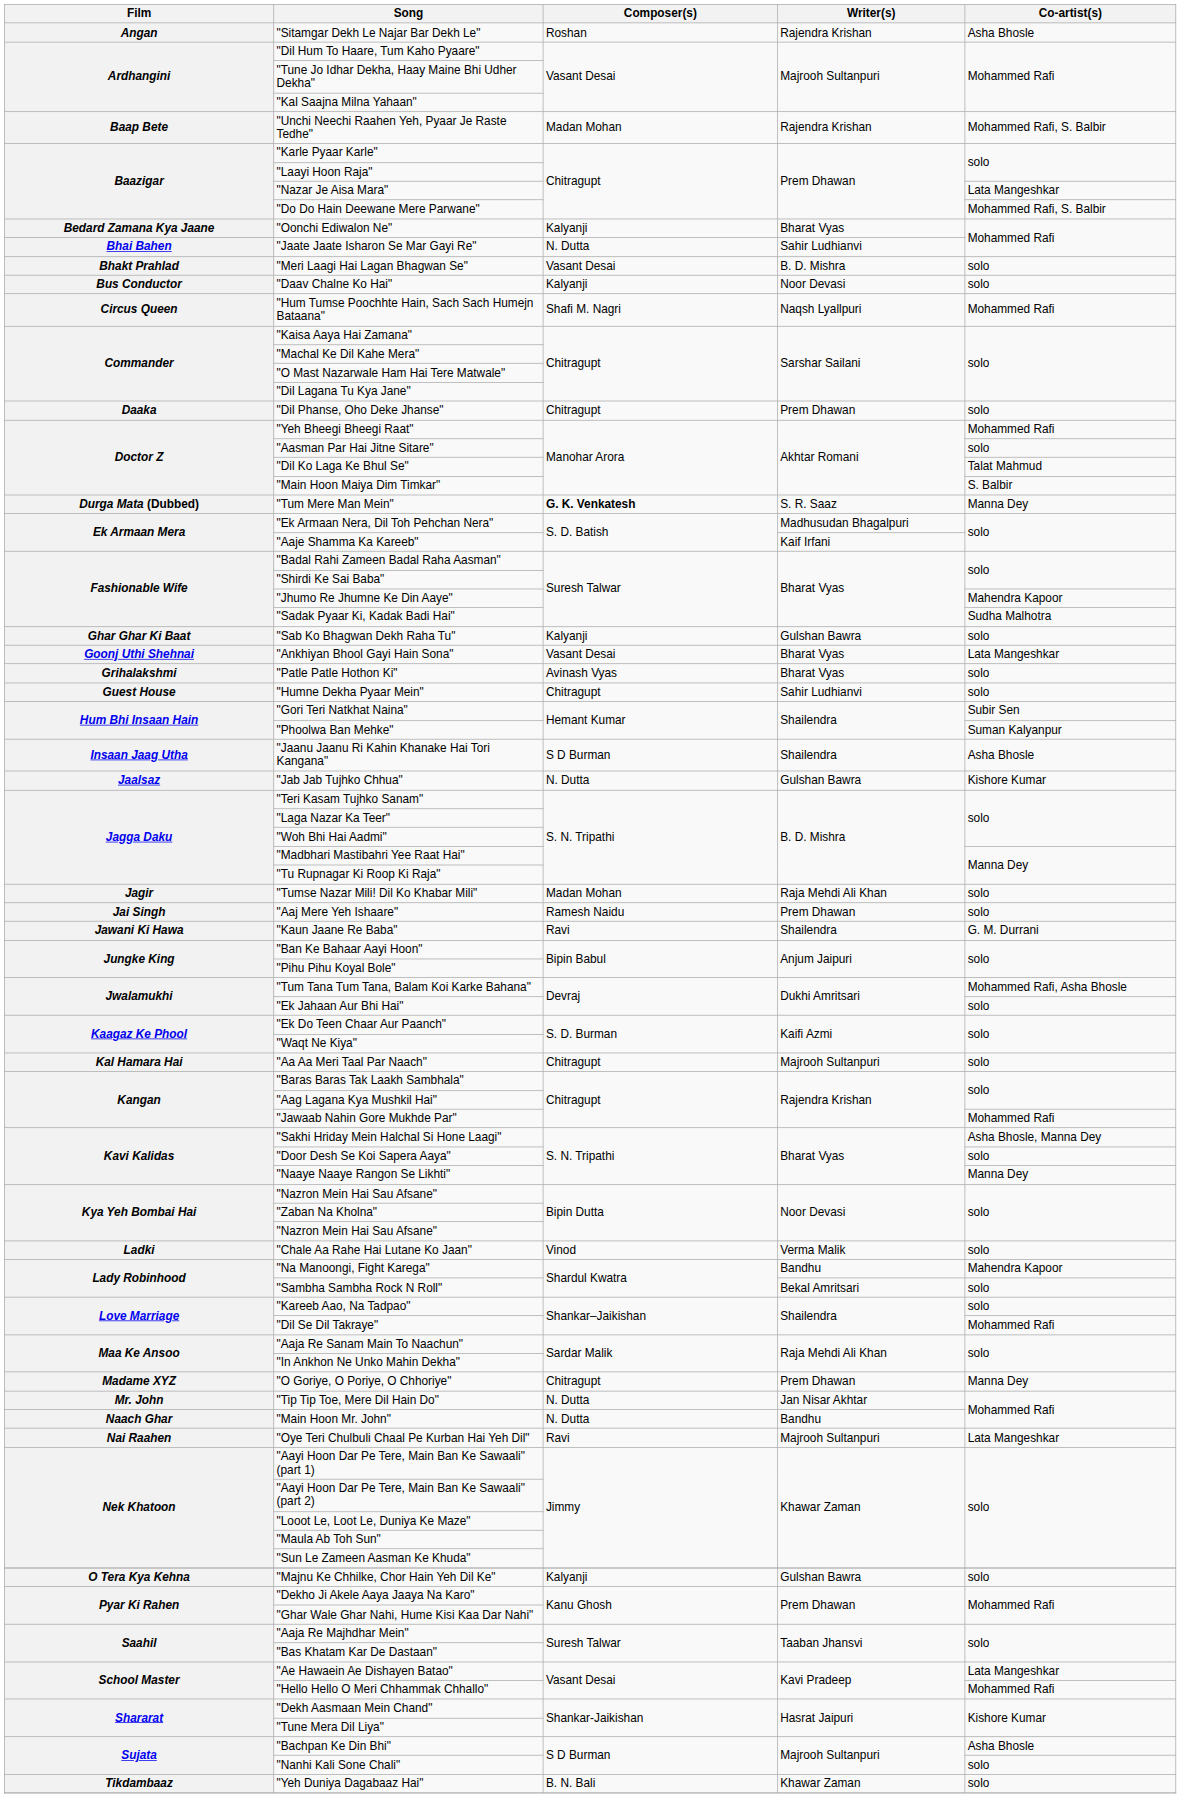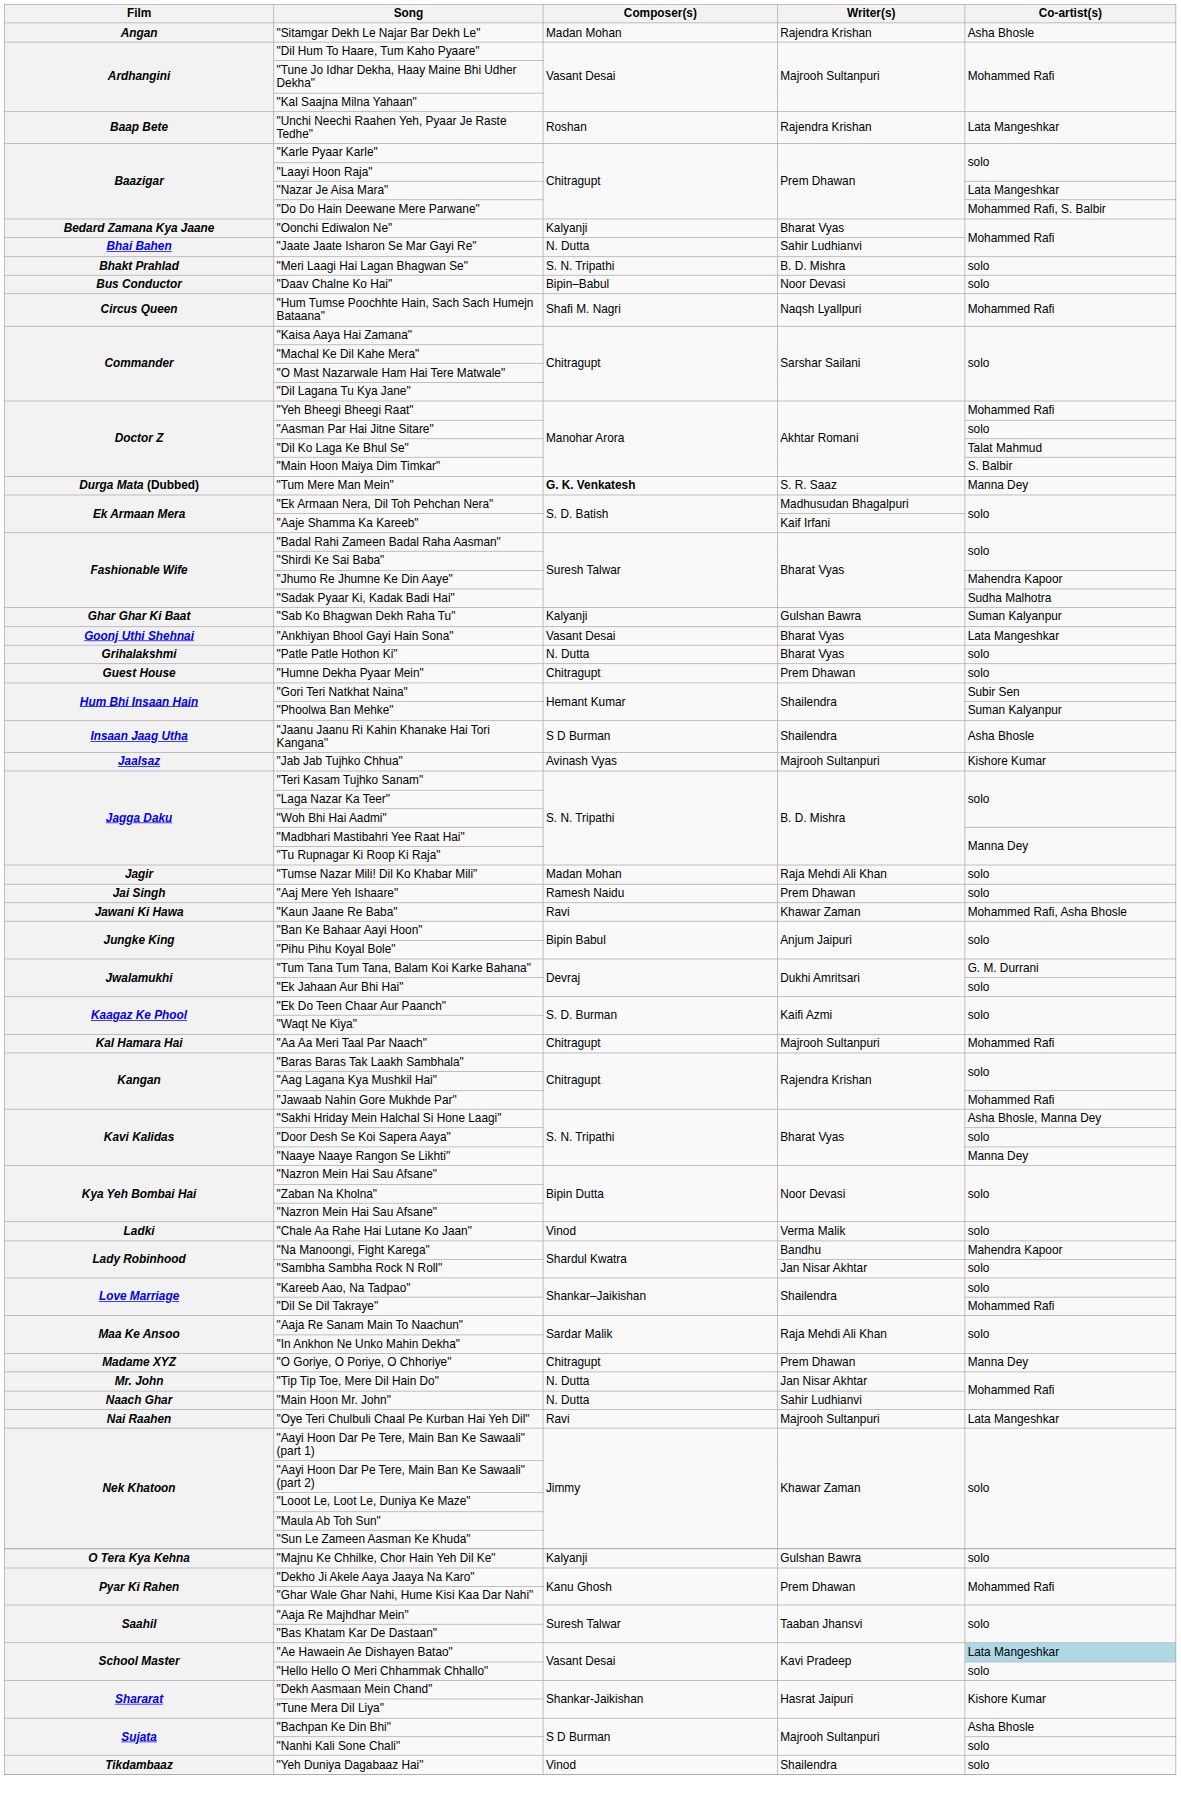 <table class="wikitable plainrowheaders" width="100%" textcolor:#000;">
 <tr style="background:#b0e0e66;">
 <th scope="col" width=23%><strong>Film</strong></th>
 <th scope="col" width=23%><strong>Song</strong></th>
 <th scope="col" width=20%><strong>Composer(s)</strong></th>
 <th scope="col" width=16%><strong>Writer(s)</strong></th>
 <th scope="col" width=18%><strong>Co-artist(s)</strong></th>
 </tr>
 <tr>
 <th><em>Angan</em></th>
 <td>"Sitamgar Dekh Le Najar Bar Dekh Le"</td>
-<td>Roshan</td>
+<td>Madan Mohan</td>
 <td>Rajendra Krishan</td>
 <td>Asha Bhosle</td>
 </tr>
 <tr>
 <th Rowspan=3><em>Ardhangini</em></th>
 <td>"Dil Hum To Haare, Tum Kaho Pyaare"</td>
 <td rowspan=3>Vasant Desai</td>
 <td rowspan=3>Majrooh Sultanpuri</td>
 <td rowspan=3>Mohammed Rafi</td>
 </tr>
 <tr>
 <td>"Tune Jo Idhar Dekha, Haay Maine Bhi Udher Dekha"</td>
 </tr>
 <tr>
 <td>"Kal Saajna Milna Yahaan"</td>
 </tr>
 <tr>
 <th><em>Baap Bete</em></th>
 <td>"Unchi Neechi Raahen Yeh, Pyaar Je Raste Tedhe"</td>
-<td>Madan Mohan</td>
+<td>Roshan</td>
 <td>Rajendra Krishan</td>
-<td>Mohammed Rafi, S. Balbir</td>
+<td>Lata Mangeshkar</td>
 </tr>
 <tr>
 <th Rowspan=4><em>Baazigar</em></th>
 <td>"Karle Pyaar Karle"</td>
 <td rowspan=4>Chitragupt</td>
 <td rowspan=4>Prem Dhawan</td>
 <td rowspan=2>solo</td>
 </tr>
 <tr>
 <td>"Laayi Hoon Raja"</td>
 </tr>
 <tr>
 <td>"Nazar Je Aisa Mara"</td>
 <td>Lata Mangeshkar</td>
 </tr>
 <tr>
 <td>"Do Do Hain Deewane Mere Parwane"</td>
 <td>Mohammed Rafi, S. Balbir</td>
 </tr>
 <tr>
 <th><em>Bedard Zamana Kya Jaane</em></th>
 <td>"Oonchi Ediwalon Ne"</td>
 <td>Kalyanji</td>
 <td>Bharat Vyas</td>
 <td rowspan=2>Mohammed Rafi</td>
 </tr>
 <tr>
 <th><em><a href='#'>Bhai Bahen</a></em></th>
 <td>"Jaate Jaate Isharon Se Mar Gayi Re"</td>
 <td>N. Dutta</td>
 <td>Sahir Ludhianvi</td>
 </tr>
 <tr>
 <th Rowspan=1><em>Bhakt Prahlad</em></th>
 <td>"Meri Laagi Hai Lagan Bhagwan Se"</td>
-<td>Vasant Desai</td>
+<td>S. N. Tripathi</td>
 <td>B. D. Mishra</td>
 <td>solo</td>
 </tr>
 <tr>
 <th><em>Bus Conductor</em></th>
 <td>"Daav Chalne Ko Hai"</td>
-<td>Kalyanji</td>
+<td>Bipin–Babul</td>
 <td>Noor Devasi</td>
 <td>solo</td>
 </tr>
 <tr>
 <th><em>Circus Queen</em></th>
 <td>"Hum Tumse Poochhte Hain, Sach Sach Humejn Bataana"</td>
 <td>Shafi M. Nagri</td>
 <td>Naqsh Lyallpuri</td>
 <td>Mohammed Rafi</td>
 </tr>
 <tr>
 <th Rowspan=4><em>Commander</em></th>
 <td>"Kaisa Aaya Hai Zamana"</td>
 <td rowspan=4>Chitragupt</td>
 <td rowspan=4>Sarshar Sailani</td>
 <td rowspan=4>solo</td>
 </tr>
 <tr>
 <td>"Machal Ke Dil Kahe Mera"</td>
 </tr>
 <tr>
 <td>"O Mast Nazarwale Ham Hai Tere Matwale"</td>
 </tr>
 <tr>
 <td>"Dil Lagana Tu Kya Jane"</td>
-</tr>
-<tr>
-<th><em>Daaka</em></th>
-<td>"Dil Phanse, Oho Deke Jhanse"</td>
-<td>Chitragupt</td>
-<td>Prem Dhawan</td>
-<td>solo</td>
 </tr>
 <tr>
 <th Rowspan=4><em>Doctor Z</em></th>
 <td>"Yeh Bheegi Bheegi Raat"</td>
 <td rowspan=4>Manohar Arora</td>
 <td rowspan=4>Akhtar Romani</td>
 <td>Mohammed Rafi</td>
 </tr>
 <tr>
 <td>"Aasman Par Hai Jitne Sitare"</td>
 <td>solo</td>
 </tr>
 <tr>
 <td>"Dil Ko Laga Ke Bhul Se"</td>
 <td>Talat Mahmud</td>
 </tr>
 <tr>
 <td>"Main Hoon Maiya Dim Timkar"</td>
 <td>S. Balbir</td>
 </tr>
 <tr>
 <th><em>Durga Mata</em> (Dubbed)</th>
 <td>"Tum Mere Man Mein"</td>
 <td><strong>G. K. Venkatesh</strong></td>
 <td>S. R. Saaz</td>
 <td>Manna Dey</td>
 </tr>
 <tr>
 <th Rowspan=2><em>Ek Armaan Mera</em></th>
 <td>"Ek Armaan Nera, Dil Toh Pehchan Nera"</td>
 <td Rowspan=2>S. D. Batish</td>
 <td>Madhusudan Bhagalpuri</td>
 <td Rowspan=2>solo</td>
 </tr>
 <tr>
 <td>"Aaje Shamma Ka Kareeb"</td>
 <td>Kaif Irfani</td>
 </tr>
 <tr>
 <th Rowspan=4><em>Fashionable Wife</em></th>
 <td>"Badal Rahi Zameen Badal Raha Aasman"</td>
 <td rowspan=4>Suresh Talwar</td>
 <td rowspan=4>Bharat Vyas</td>
 <td rowspan=2>solo</td>
 </tr>
 <tr>
 <td>"Shirdi Ke Sai Baba"</td>
 </tr>
 <tr>
 <td>"Jhumo Re Jhumne Ke Din Aaye"</td>
 <td>Mahendra Kapoor</td>
 </tr>
 <tr>
 <td>"Sadak Pyaar Ki, Kadak Badi Hai"</td>
 <td>Sudha Malhotra</td>
 </tr>
 <tr>
 <th><em>Ghar Ghar Ki Baat</em></th>
 <td>"Sab Ko Bhagwan Dekh Raha Tu"</td>
 <td>Kalyanji</td>
 <td>Gulshan Bawra</td>
-<td>solo</td>
+<td>Suman Kalyanpur</td>
 </tr>
 <tr>
 <th><em><a href='#'>Goonj Uthi Shehnai</a></em></th>
 <td>"Ankhiyan Bhool Gayi Hain Sona"</td>
 <td>Vasant Desai</td>
 <td>Bharat Vyas</td>
 <td>Lata Mangeshkar</td>
 </tr>
 <tr>
 <th><em>Grihalakshmi</em></th>
 <td>"Patle Patle Hothon Ki"</td>
-<td>Avinash Vyas</td>
+<td>N. Dutta</td>
 <td>Bharat Vyas</td>
 <td>solo</td>
 </tr>
 <tr>
 <th><em>Guest House</em></th>
 <td>"Humne Dekha Pyaar Mein"</td>
 <td>Chitragupt</td>
-<td>Sahir Ludhianvi</td>
+<td>Prem Dhawan</td>
 <td>solo</td>
 </tr>
 <tr>
 <th Rowspan=2><em><a href='#'>Hum Bhi Insaan Hain</a></em></th>
 <td>"Gori Teri Natkhat Naina"</td>
 <td rowspan=2>Hemant Kumar</td>
 <td rowspan=2>Shailendra</td>
 <td>Subir Sen</td>
 </tr>
 <tr>
 <td>"Phoolwa Ban Mehke"</td>
 <td>Suman Kalyanpur</td>
 </tr>
 <tr>
 <th><em><a href='#'>Insaan Jaag Utha</a></em></th>
 <td>"Jaanu Jaanu Ri Kahin Khanake Hai Tori Kangana"</td>
 <td>S D Burman</td>
 <td>Shailendra</td>
 <td>Asha Bhosle</td>
 </tr>
 <tr>
 <th><em><a href='#'>Jaalsaz</a></em></th>
 <td>"Jab Jab Tujhko Chhua"</td>
-<td>N. Dutta</td>
-<td>Gulshan Bawra</td>
+<td>Avinash Vyas</td>
+<td>Majrooh Sultanpuri</td>
 <td>Kishore Kumar</td>
 </tr>
 <tr>
 <th Rowspan=5><em><a href='#'>Jagga Daku</a></em></th>
 <td>"Teri Kasam Tujhko Sanam"</td>
 <td rowspan=5>S. N. Tripathi</td>
 <td rowspan=5>B. D. Mishra</td>
 <td rowspan=3>solo</td>
 </tr>
 <tr>
 <td>"Laga Nazar Ka Teer"</td>
 </tr>
 <tr>
 <td>"Woh Bhi Hai Aadmi"</td>
 </tr>
 <tr>
 <td>"Madbhari Mastibahri Yee Raat Hai"</td>
 <td rowspan=2>Manna Dey</td>
 </tr>
 <tr>
 <td>"Tu Rupnagar Ki Roop Ki Raja"</td>
 </tr>
 <tr>
 <th><em>Jagir</em></th>
 <td>"Tumse Nazar Mili! Dil Ko Khabar Mili"</td>
 <td>Madan Mohan</td>
 <td>Raja Mehdi Ali Khan</td>
 <td>solo</td>
 </tr>
 <tr>
 <th><em>Jai Singh</em></th>
 <td>"Aaj Mere Yeh Ishaare"</td>
 <td>Ramesh Naidu</td>
 <td>Prem Dhawan</td>
 <td>solo</td>
 </tr>
 <tr>
 <th><em>Jawani Ki Hawa</em></th>
 <td>"Kaun Jaane Re Baba"</td>
 <td>Ravi</td>
-<td>Shailendra</td>
-<td>G. M. Durrani</td>
+<td>Khawar Zaman</td>
+<td>Mohammed Rafi, Asha Bhosle</td>
 </tr>
 <tr>
 <th rowspan=2><em>Jungke King</em></th>
 <td>"Ban Ke Bahaar Aayi Hoon"</td>
 <td rowspan=2>Bipin Babul</td>
 <td rowspan=2>Anjum Jaipuri</td>
 <td rowspan=2>solo</td>
 </tr>
 <tr>
 <td>"Pihu Pihu Koyal Bole"</td>
 </tr>
 <tr>
 <th Rowspan=2><em>Jwalamukhi</em></th>
 <td>"Tum Tana Tum Tana, Balam Koi Karke Bahana"</td>
 <td Rowspan=2>Devraj</td>
 <td rowspan=2>Dukhi Amritsari</td>
-<td>Mohammed Rafi, Asha Bhosle</td>
+<td>G. M. Durrani</td>
 </tr>
 <tr>
 <td>"Ek Jahaan Aur Bhi Hai"</td>
 <td>solo</td>
 </tr>
 <tr>
 <th rowspan=2><em><a href='#'>Kaagaz Ke Phool</a></em></th>
 <td>"Ek Do Teen Chaar Aur Paanch"</td>
 <td rowspan=2>S. D. Burman</td>
 <td rowspan=2>Kaifi Azmi</td>
 <td rowspan=2>solo</td>
 </tr>
 <tr>
 <td>"Waqt Ne Kiya"</td>
 </tr>
 <tr>
 <th Rowspan=1><em>Kal Hamara Hai</em></th>
 <td>"Aa Aa Meri Taal Par Naach"</td>
 <td>Chitragupt</td>
 <td>Majrooh Sultanpuri</td>
-<td>solo</td>
+<td>Mohammed Rafi</td>
 </tr>
 <tr>
 <th Rowspan=3><em>Kangan</em></th>
 <td>"Baras Baras Tak Laakh Sambhala"</td>
 <td rowspan=3>Chitragupt</td>
 <td rowspan=3>Rajendra Krishan</td>
 <td rowspan=2>solo</td>
 </tr>
 <tr>
 <td>"Aag Lagana Kya Mushkil Hai"</td>
 </tr>
 <tr>
 <td>"Jawaab Nahin Gore Mukhde Par"</td>
 <td>Mohammed Rafi</td>
 </tr>
 <tr>
 <th Rowspan=3><em>Kavi Kalidas</em></th>
 <td>"Sakhi Hriday Mein Halchal Si Hone Laagi"</td>
 <td rowspan=3>S. N. Tripathi</td>
 <td rowspan=3>Bharat Vyas</td>
 <td>Asha Bhosle, Manna Dey</td>
 </tr>
 <tr>
 <td>"Door Desh Se Koi Sapera Aaya"</td>
 <td>solo</td>
 </tr>
 <tr>
 <td>"Naaye Naaye Rangon Se Likhti"</td>
 <td>Manna Dey</td>
 </tr>
 <tr>
 <th Rowspan=3><em>Kya Yeh Bombai Hai</em></th>
 <td>"Nazron Mein Hai Sau Afsane"</td>
 <td rowspan=3>Bipin Dutta</td>
 <td rowspan=3>Noor Devasi</td>
 <td rowspan=3>solo</td>
 </tr>
 <tr>
 <td>"Zaban Na Kholna"</td>
 </tr>
 <tr>
 <td>"Nazron Mein Hai Sau Afsane"</td>
 </tr>
 <tr>
 <th><em>Ladki</em></th>
 <td>"Chale Aa Rahe Hai Lutane Ko Jaan"</td>
 <td>Vinod</td>
 <td>Verma Malik</td>
 <td>solo</td>
 </tr>
 <tr>
 <th Rowspan=2><em>Lady Robinhood</em></th>
 <td>"Na Manoongi, Fight Karega"</td>
 <td rowspan=2>Shardul Kwatra</td>
 <td>Bandhu</td>
 <td>Mahendra Kapoor</td>
 </tr>
 <tr>
 <td>"Sambha Sambha Rock N Roll"</td>
-<td>Bekal Amritsari</td>
+<td>Jan Nisar Akhtar</td>
 <td>solo</td>
 </tr>
 <tr>
 <th Rowspan=2><em><a href='#'>Love Marriage</a></em></th>
 <td>"Kareeb Aao, Na Tadpao"</td>
 <td Rowspan=2>Shankar–Jaikishan</td>
 <td rowspan=2>Shailendra</td>
 <td>solo</td>
 </tr>
 <tr>
 <td>"Dil Se Dil Takraye"</td>
 <td>Mohammed Rafi</td>
 </tr>
 <tr>
 <th rowspan=2><em>Maa Ke Ansoo</em></th>
 <td>"Aaja Re Sanam Main To Naachun"</td>
 <td rowspan=2>Sardar Malik</td>
 <td rowspan=2>Raja Mehdi Ali Khan</td>
 <td rowspan=2>solo</td>
 </tr>
 <tr>
 <td>"In Ankhon Ne Unko Mahin Dekha"</td>
 </tr>
 <tr>
 <th><em>Madame XYZ</em></th>
 <td>"O Goriye, O Poriye, O Chhoriye"</td>
 <td>Chitragupt</td>
 <td>Prem Dhawan</td>
 <td>Manna Dey</td>
 </tr>
 <tr>
 <th><em>Mr. John</em></th>
 <td>"Tip Tip Toe, Mere Dil Hain Do"</td>
 <td>N. Dutta</td>
 <td>Jan Nisar Akhtar</td>
 <td rowspan=2>Mohammed Rafi</td>
 </tr>
 <tr>
 <th><em>Naach Ghar</em></th>
 <td>"Main Hoon Mr. John"</td>
 <td>N. Dutta</td>
-<td>Bandhu</td>
+<td>Sahir Ludhianvi</td>
 </tr>
 <tr>
 <th><em>Nai Raahen</em></th>
 <td>"Oye Teri Chulbuli Chaal Pe Kurban Hai Yeh Dil"</td>
 <td>Ravi</td>
 <td>Majrooh Sultanpuri</td>
 <td>Lata Mangeshkar</td>
 </tr>
 <tr>
 <th Rowspan=5><em>Nek Khatoon</em></th>
 <td>"Aayi Hoon Dar Pe Tere, Main Ban Ke Sawaali" (part 1)</td>
 <td rowspan=5>Jimmy</td>
 <td rowspan=5>Khawar Zaman</td>
 <td rowspan=5>solo</td>
 </tr>
 <tr>
 <td>"Aayi Hoon Dar Pe Tere, Main Ban Ke Sawaali" (part 2)</td>
 </tr>
 <tr>
 <td>"Looot Le, Loot Le, Duniya Ke Maze"</td>
 </tr>
 <tr>
 <td>"Maula Ab Toh Sun"</td>
 </tr>
 <tr>
 <td>"Sun Le Zameen Aasman Ke Khuda"</td>
 </tr>
 <tr>
 </tr>
 <tr>
 <th><em>O Tera Kya Kehna</em></th>
 <td>"Majnu Ke Chhilke, Chor Hain Yeh Dil Ke"</td>
 <td>Kalyanji</td>
 <td>Gulshan Bawra</td>
 <td>solo</td>
 </tr>
 <tr>
 <th Rowspan=2><em>Pyar Ki Rahen</em></th>
 <td>"Dekho Ji Akele Aaya Jaaya Na Karo"</td>
 <td rowspan=2>Kanu Ghosh</td>
 <td rowspan=2>Prem Dhawan</td>
 <td rowspan=2>Mohammed Rafi</td>
 </tr>
 <tr>
 <td>"Ghar Wale Ghar Nahi, Hume Kisi Kaa Dar Nahi"</td>
 </tr>
 <tr>
 <th Rowspan=2><em>Saahil</em></th>
 <td>"Aaja Re Majhdhar Mein"</td>
 <td rowspan=2>Suresh Talwar</td>
 <td rowspan=2>Taaban Jhansvi</td>
 <td rowspan=2>solo</td>
 </tr>
 <tr>
 <td>"Bas Khatam Kar De Dastaan"</td>
 </tr>
 <tr>
 <th Rowspan=2><em>School Master</em></th>
 <td>"Ae Hawaein Ae Dishayen Batao"</td>
 <td rowspan=2>Vasant Desai</td>
 <td rowspan=2>Kavi Pradeep</td>
-<td>Lata Mangeshkar</td>
+<td style="background: lightblue;">Lata Mangeshkar</td>
 </tr>
 <tr>
 <td>"Hello Hello O Meri Chhammak Chhallo"</td>
-<td>Mohammed Rafi</td>
+<td>solo</td>
 </tr>
 <tr>
 <th rowspan=2><em><a href='#'>Shararat</a></em></th>
 <td>"Dekh Aasmaan Mein Chand"</td>
 <td rowspan=2>Shankar-Jaikishan</td>
 <td rowspan=2>Hasrat Jaipuri</td>
 <td rowspan=2>Kishore Kumar</td>
 </tr>
 <tr>
 <td>"Tune Mera Dil Liya"</td>
 </tr>
 <tr>
 <th Rowspan=2><em><a href='#'>Sujata</a></em></th>
 <td>"Bachpan Ke Din Bhi"</td>
 <td rowspan=2>S D Burman</td>
 <td rowspan=2>Majrooh Sultanpuri</td>
 <td>Asha Bhosle</td>
 </tr>
 <tr>
 <td>"Nanhi Kali Sone Chali"</td>
 <td rowspan=1>solo</td>
 </tr>
 <tr>
 <th><em>Tikdambaaz</em></th>
 <td>"Yeh Duniya Dagabaaz Hai"</td>
-<td>B. N. Bali</td>
-<td>Khawar Zaman</td>
+<td>Vinod</td>
+<td>Shailendra</td>
 <td>solo</td>
 </tr>
 <tr>
 </tr>
 </table>
